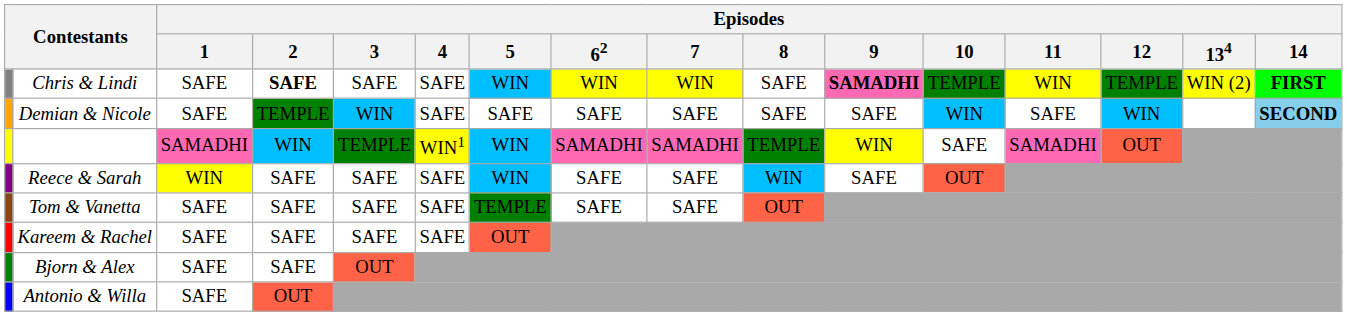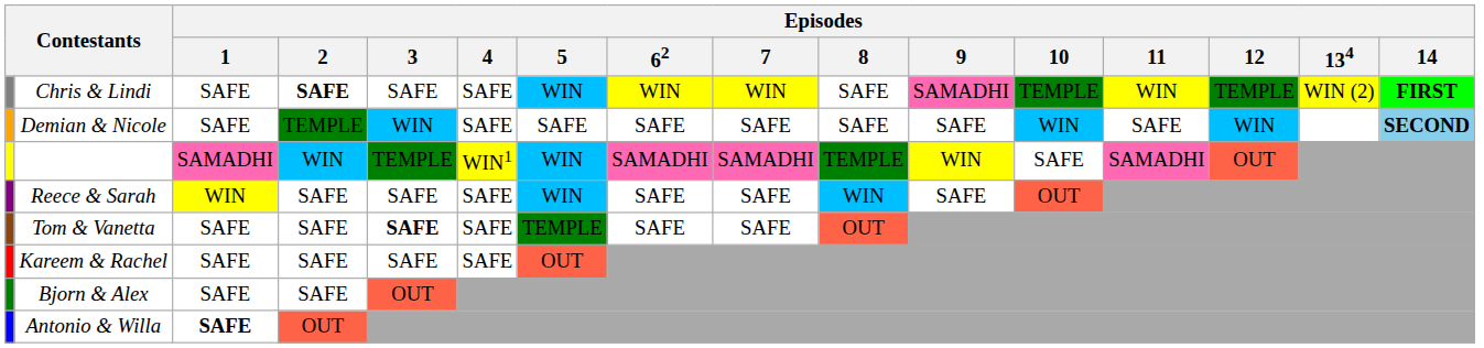 <table class="wikitable" style="text-align:center; background:white">
 <tr>
 <th colspan=2 rowspan=2>Contestants</th>
 <th colspan=16>Episodes</th>
 </tr>
 <tr>
 <th>1</th>
 <th>2</th>
 <th>3</th>
 <th>4</th>
 <th>5</th>
 <th>6<sup>2</sup></th>
 <th>7</th>
 <th colspan="2">8</th>
 <th>9</th>
 <th>10</th>
 <th>11</th>
 <th>12</th>
 <th>13<sup>4</sup></th>
 <th>14</th>
 </tr>
 <tr>
 <td style="background:gray;"></td>
 <td><em>Chris & Lindi</em></td>
 <td>SAFE</td>
 <td><strong>SAFE</strong></td>
 <td>SAFE</td>
 <td>SAFE</td>
 <td style="background:deepskyblue;">WIN</td>
 <td style="background:yellow;">WIN</td>
 <td style="background:yellow;">WIN</td>
 <td colspan="2">SAFE</td>
-<td style="background:hotpink;"><strong>SAMADHI</strong></td>
+<td style="background:hotpink;">SAMADHI</td>
 <td style="background:green;"><span>TEMPLE</span></td>
 <td style="background:yellow;">WIN</td>
 <td style="background:green;"><span>TEMPLE</span></td>
 <td style="background:yellow;">WIN (2)</td>
 <td style="background:lime;"><strong>FIRST</strong></td>
 </tr>
 <tr>
 <td style="background:orange;"></td>
 <td><em>Demian & Nicole</em></td>
 <td>SAFE</td>
 <td style="background:green;"><span>TEMPLE</span></td>
 <td style="background:deepskyblue;">WIN</td>
 <td>SAFE</td>
 <td>SAFE</td>
 <td>SAFE</td>
 <td>SAFE</td>
 <td colspan="2">SAFE</td>
 <td>SAFE</td>
 <td style="background:deepskyblue;">WIN</td>
 <td>SAFE</td>
 <td style="background:deepskyblue;">WIN</td>
 <td></td>
 <td style="background:skyblue;"><strong>SECOND</strong></td>
 </tr>
 <tr>
 <td style="background:yellow;"></td>
 <td></td>
 <td style="background:hotpink;">SAMADHI</td>
 <td style="background:deepskyblue;">WIN</td>
 <td style="background:green;"><span>TEMPLE</span></td>
 <td style="background:yellow;">WIN<sup>1</sup></td>
 <td style="background:deepskyblue;">WIN</td>
 <td style="background:hotpink;">SAMADHI</td>
 <td style="background:hotpink;">SAMADHI</td>
 <td colspan="2" style="background:green;"><span>TEMPLE</span></td>
 <td style="background:yellow;">WIN</td>
 <td>SAFE</td>
 <td style="background:hotpink;">SAMADHI</td>
 <td style="background:tomato;">OUT</td>
 <td style="background:darkgrey;" colspan="2"></td>
 </tr>
 <tr>
 <td style="background:purple;"></td>
 <td><em>Reece & Sarah</em></td>
 <td style="background:yellow;">WIN</td>
 <td>SAFE</td>
 <td>SAFE</td>
 <td>SAFE</td>
 <td style="background:deepskyblue;">WIN</td>
 <td>SAFE</td>
 <td>SAFE</td>
 <td colspan="2" style="background:deepskyblue;">WIN</td>
 <td>SAFE</td>
 <td style="background:tomato;">OUT</td>
 <td style="background:darkgrey;" colspan="4"></td>
 </tr>
 <tr>
 <td style="background:saddlebrown;"></td>
 <td><em>Tom & Vanetta</em></td>
 <td>SAFE</td>
 <td>SAFE</td>
-<td>SAFE</td>
+<td><strong>SAFE</strong></td>
 <td>SAFE</td>
 <td style="background:green;"><span>TEMPLE</span></td>
 <td>SAFE</td>
 <td>SAFE</td>
 <td style="background:tomato;">OUT</td>
 <td style="background:darkgrey;" colspan="8"></td>
 </tr>
 <tr>
 <td style="background:red;"></td>
 <td><em>Kareem & Rachel</em></td>
 <td>SAFE</td>
 <td>SAFE</td>
 <td>SAFE</td>
 <td>SAFE</td>
 <td style="background:tomato;">OUT</td>
 <td style="background:darkgrey;" colspan="10"></td>
 </tr>
 <tr>
 <td style="background:green;"></td>
 <td><em> Bjorn & Alex</em></td>
 <td>SAFE</td>
 <td>SAFE</td>
 <td style="background:tomato;">OUT</td>
 <td style="background:darkgrey;" colspan="12"></td>
 </tr>
 <tr>
 <td style="background:blue;"></td>
 <td><em>Antonio & Willa</em></td>
-<td>SAFE</td>
+<td><strong>SAFE</strong></td>
 <td style="background:tomato;">OUT</td>
 <td style="background:darkgrey;" colspan="13"></td>
 </tr>
 </table>
